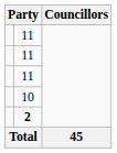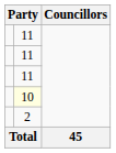 <table class="wikitable">
 <tr>
 <th colspan=2>Party</th>
 <th>Councillors</th>
 </tr>
 <tr>
 <td></td>
 <td align=center>11</td>
 </tr>
 <tr>
 <td></td>
 <td align=center>11</td>
 </tr>
 <tr>
 <td></td>
 <td align=center>11</td>
 </tr>
 <tr>
 <td></td>
-<td align=center>10</td>
+<td align=center style="background: lightyellow;">10</td>
 </tr>
 <tr>
 <td></td>
-<td align=center><strong>2</strong></td>
+<td align=center>2</td>
 </tr>
 <tr>
 <th colspan=2>Total</th>
 <th align=center>45</th>
 </tr>
 </table>
